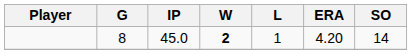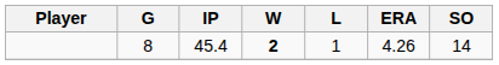 <table class="wikitable sortable">
 <tr>
 <th bgcolor="#DDDDFF" width="16%">Player</th>
 <th bgcolor="#DDDDFF" width="9%">G</th>
 <th bgcolor="#DDDDFF" width="9%">IP</th>
 <th bgcolor="#DDDDFF" width="9%">W</th>
 <th bgcolor="#DDDDFF" width="9%">L</th>
 <th bgcolor="#DDDDFF" width="9%">ERA</th>
 <th bgcolor="#DDDDFF" width="9%">SO</th>
 </tr>
 <tr align="center">
 <td></td>
 <td>8</td>
-<td>45.0</td>
+<td>45.4</td>
 <td><strong>2</strong></td>
 <td>1</td>
-<td>4.20</td>
+<td>4.26</td>
 <td>14</td>
 </tr>
 <tr align="center">
 </tr>
 </table>
